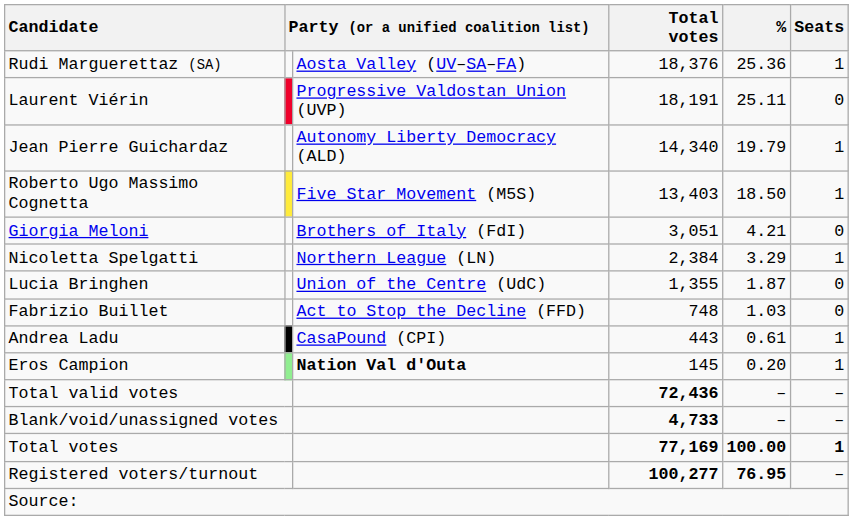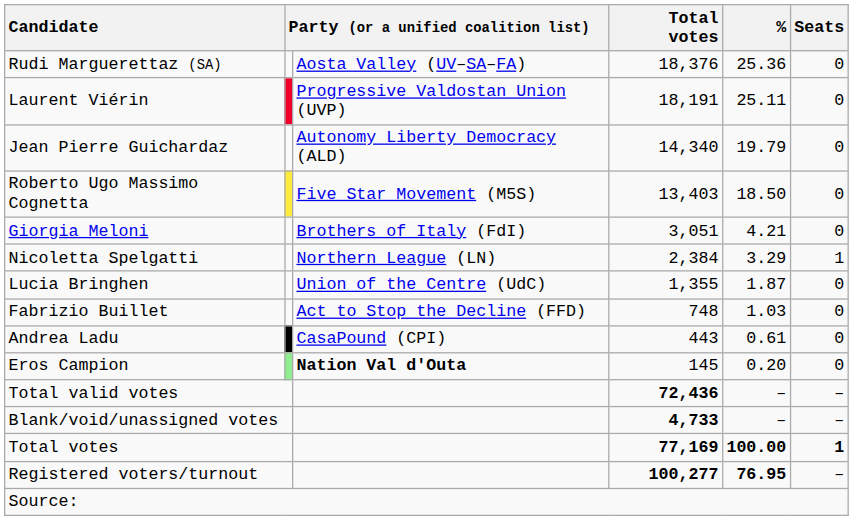 <table class="wikitable" style="width:660px">
 <tr>
 <th style="text-align:left;">Candidate</th>
 <th colspan="2" style="text-align:left;">Party <small>(or a unified coalition list)</small></th>
 <th style="text-align:right;">Total votes</th>
 <th style="text-align:right;">%</th>
 <th style="text-align:right;">Seats</th>
 </tr>
 <tr>
 <td style="text-align:left;">Rudi Marguerettaz <small>(SA)</small></td>
 <td style="background:"></td>
 <td style="text-align:left;"><a href='#'>Aosta Valley</a> (<a href='#'>UV</a>–<a href='#'>SA</a>–<a href='#'>FA</a>)</td>
 <td style="text-align:right;">18,376</td>
 <td style="text-align:right;">25.36</td>
-<td style="text-align:right;">1</td>
+<td style="text-align:right;">0</td>
 </tr>
 <tr>
 <td style="text-align:left;">Laurent Viérin</td>
 <td style="background:#f0002b;"></td>
 <td style="text-align:left;"><a href='#'>Progressive Valdostan Union</a> (UVP)</td>
 <td style="text-align:right;">18,191</td>
 <td style="text-align:right;">25.11</td>
 <td style="text-align:right;">0</td>
 </tr>
 <tr>
 <td style="text-align:left;">Jean Pierre Guichardaz</td>
 <td></td>
 <td style="text-align:left;"><a href='#'>Autonomy Liberty Democracy</a> (ALD)</td>
 <td style="text-align:right;">14,340</td>
 <td style="text-align:right;">19.79</td>
-<td style="text-align:right;">1</td>
+<td style="text-align:right;">0</td>
 </tr>
 <tr>
 <td style="text-align:left;">Roberto Ugo Massimo Cognetta</td>
 <td style="background:#ffeb3b;"></td>
 <td style="text-align:left;"><a href='#'>Five Star Movement</a> (M5S)</td>
 <td style="text-align:right;">13,403</td>
 <td style="text-align:right;">18.50</td>
-<td style="text-align:right;">1</td>
+<td style="text-align:right;">0</td>
 </tr>
 <tr>
 <td style="text-align:left;"><a href='#'>Giorgia Meloni</a></td>
 <td></td>
 <td style="text-align:left;"><a href='#'>Brothers of Italy</a> (FdI)</td>
 <td style="text-align:right;">3,051</td>
 <td style="text-align:right;">4.21</td>
 <td style="text-align:right;">0</td>
 </tr>
 <tr>
 <td style="text-align:left;">Nicoletta Spelgatti</td>
 <td></td>
 <td style="text-align:left;"><a href='#'>Northern League</a> (LN)</td>
 <td style="text-align:right;">2,384</td>
 <td style="text-align:right;">3.29</td>
 <td style="text-align:right;">1</td>
 </tr>
 <tr>
 <td style="text-align:left;">Lucia Bringhen</td>
 <td></td>
 <td style="text-align:left;"><a href='#'>Union of the Centre</a> (UdC)</td>
 <td style="text-align:right;">1,355</td>
 <td style="text-align:right;">1.87</td>
 <td style="text-align:right;">0</td>
 </tr>
 <tr>
 <td style="text-align:left;">Fabrizio Buillet</td>
 <td></td>
 <td style="text-align:left;"><a href='#'>Act to Stop the Decline</a> (FFD)</td>
 <td style="text-align:right;">748</td>
 <td style="text-align:right;">1.03</td>
 <td style="text-align:right;">0</td>
 </tr>
 <tr>
 <td style="text-align:left;">Andrea Ladu</td>
 <td style="background:black;"></td>
 <td style="text-align:left;"><a href='#'>CasaPound</a> (CPI)</td>
 <td style="text-align:right;">443</td>
 <td style="text-align:right;">0.61</td>
-<td style="text-align:right;">1</td>
+<td style="text-align:right;">0</td>
 </tr>
 <tr>
 <td style="text-align:left;">Eros Campion</td>
 <td style="background:lightgreen;"></td>
 <td style="text-align:left;"><strong>Nation Val d'Outa</strong></td>
 <td style="text-align:right;">145</td>
 <td style="text-align:right;">0.20</td>
-<td style="text-align:right;">1</td>
+<td style="text-align:right;">0</td>
 </tr>
 <tr>
 <td style="text-align:left;" colspan="2">Total valid votes</td>
 <td></td>
 <td style="text-align:right;"><strong>72,436</strong></td>
 <td style="text-align:right;">–</td>
 <td style="text-align:right;">–</td>
 </tr>
 <tr>
 <td style="text-align:left;" colspan="2">Blank/void/unassigned votes</td>
 <td></td>
 <td style="text-align:right;"><strong>4,733</strong></td>
 <td style="text-align:right;">–</td>
 <td style="text-align:right;">–</td>
 </tr>
 <tr>
 <td style="text-align:left;" colspan="2">Total votes</td>
 <td></td>
 <td style="text-align:right;"><strong>77,169</strong></td>
 <td style="text-align:right;"><strong>100.00</strong></td>
 <td style="text-align:right;"><strong>1</strong></td>
 </tr>
 <tr>
 <td style="text-align:left;" colspan="2">Registered voters/turnout</td>
 <td></td>
 <td style="text-align:right;"><strong>100,277</strong></td>
 <td style="text-align:right;"><strong>76.95</strong></td>
 <td style="text-align:right;">–</td>
 </tr>
 <tr>
 <td style="text-align:left;" colspan="8">Source:  </td>
 </tr>
 </table>
